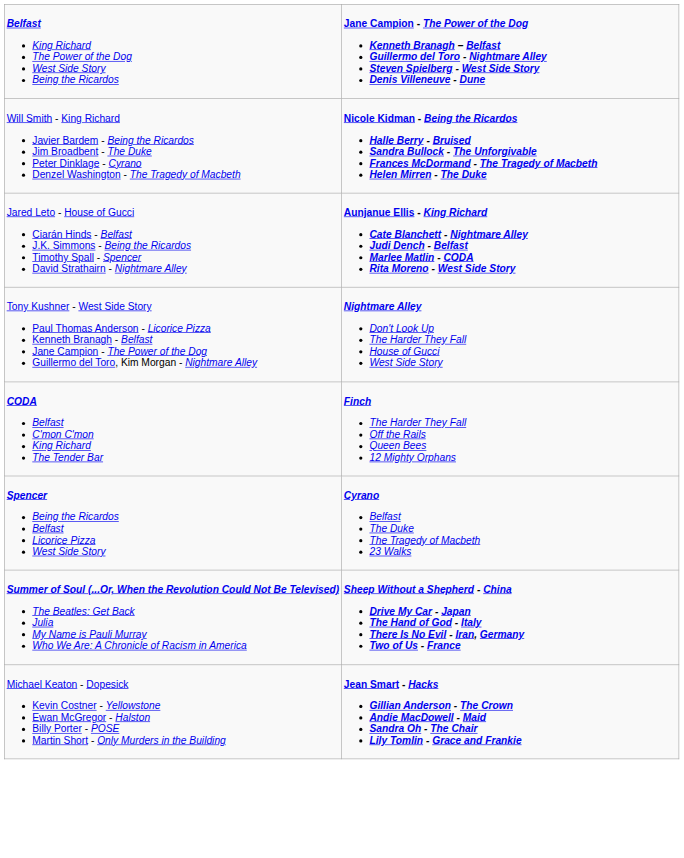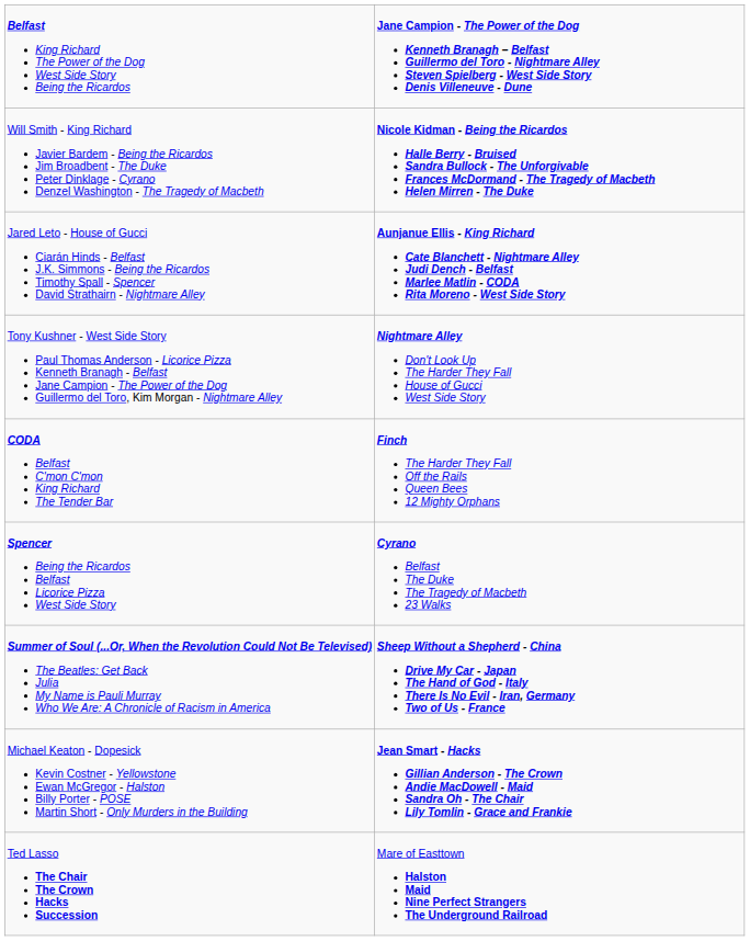 <table class=wikitable>
 <tr>
 <td style="vertical-align:top; width:50%;"><br> <strong><em><a href='#'>Belfast</a></em></strong><ul><li><em><a href='#'>King Richard</a></em></li><li><em><a href='#'>The Power of the Dog</a></em></li><li><em><a href='#'>West Side Story</a></em></li><li><em><a href='#'>Being the Ricardos</a></em></li></ul></td>
 <td style="vertical-align:top; width:50%;"><br> <strong><a href='#'>Jane Campion</a> - <em><a href='#'>The Power of the Dog</a><strong><em><ul><li><a href='#'>Kenneth Branagh</a> – </em><a href='#'>Belfast</a><em></li><li><a href='#'>Guillermo del Toro</a> - </em><a href='#'>Nightmare Alley</a><em></li><li><a href='#'>Steven Spielberg</a> - </em><a href='#'>West Side Story</a><em></li><li><a href='#'>Denis Villeneuve</a> - </em><a href='#'>Dune</a><em></li></ul></td>
 </tr>
 <tr>
 <td style="vertical-align:top; width:50%;"><br> </strong><a href='#'>Will Smith</a> - </em><a href='#'>King Richard</a></em></strong><ul><li><a href='#'>Javier Bardem</a> - <em><a href='#'>Being the Ricardos</a></em></li><li><a href='#'>Jim Broadbent</a> - <em><a href='#'>The Duke</a></em></li><li><a href='#'>Peter Dinklage</a> - <em><a href='#'>Cyrano</a></em></li><li><a href='#'>Denzel Washington</a> - <em><a href='#'>The Tragedy of Macbeth</a></em></li></ul></td>
 <td style="vertical-align:top; width:50%;"><br> <strong><a href='#'>Nicole Kidman</a> - <em><a href='#'>Being the Ricardos</a><strong><em><ul><li><a href='#'>Halle Berry</a> - </em><a href='#'>Bruised</a><em></li><li><a href='#'>Sandra Bullock</a> - </em><a href='#'>The Unforgivable</a><em></li><li><a href='#'>Frances McDormand</a> - </em><a href='#'>The Tragedy of Macbeth</a><em></li><li><a href='#'>Helen Mirren</a> - </em><a href='#'>The Duke</a><em></li></ul></td>
 </tr>
 <tr>
 <td style="vertical-align:top; width:50%;"><br> </strong><a href='#'>Jared Leto</a> - </em><a href='#'>House of Gucci</a></em></strong><ul><li><a href='#'>Ciarán Hinds</a> - <em><a href='#'>Belfast</a></em></li><li><a href='#'>J.K. Simmons</a> - <em><a href='#'>Being the Ricardos</a></em></li><li><a href='#'>Timothy Spall</a> - <em><a href='#'>Spencer</a></em></li><li><a href='#'>David Strathairn</a> - <em><a href='#'>Nightmare Alley</a></em></li></ul></td>
 <td style="vertical-align:top; width:50%;"><br> <strong><a href='#'>Aunjanue Ellis</a> - <em><a href='#'>King Richard</a><strong><em><ul><li><a href='#'>Cate Blanchett</a> - </em><a href='#'>Nightmare Alley</a><em></li><li><a href='#'>Judi Dench</a> - </em><a href='#'>Belfast</a><em></li><li><a href='#'>Marlee Matlin</a> - </em><a href='#'>CODA</a><em></li><li><a href='#'>Rita Moreno</a> - </em><a href='#'>West Side Story</a><em></li></ul></td>
 </tr>
 <tr>
 <td style="vertical-align:top; width:50%;"><br> </strong><a href='#'>Tony Kushner</a> - </em><a href='#'>West Side Story</a></em></strong><ul><li><a href='#'>Paul Thomas Anderson</a> - <em><a href='#'>Licorice Pizza</a></em></li><li><a href='#'>Kenneth Branagh</a> - <em><a href='#'>Belfast</a></em></li><li><a href='#'>Jane Campion</a> - <em><a href='#'>The Power of the Dog</a></em></li><li><a href='#'>Guillermo del Toro</a>, Kim Morgan - <em><a href='#'>Nightmare Alley</a></em></li></ul></td>
 <td style="vertical-align:top; width:50%;"><br> <strong><em><a href='#'>Nightmare Alley</a></em></strong><ul><li><em><a href='#'>Don't Look Up</a></em></li><li><em><a href='#'>The Harder They Fall</a></em></li><li><em><a href='#'>House of Gucci</a></em></li><li><em><a href='#'>West Side Story</a></em></li></ul></td>
 </tr>
 <tr>
 <td style="vertical-align:top; width:50%;"><br> <strong><em><a href='#'>CODA</a></em></strong><ul><li><em><a href='#'>Belfast</a></em></li><li><em><a href='#'>C'mon C'mon</a></em></li><li><em><a href='#'>King Richard</a></em></li><li><em><a href='#'>The Tender Bar</a></em></li></ul></td>
 <td style="vertical-align:top; width:50%;"><br> <strong><em><a href='#'>Finch</a></em></strong><ul><li><em><a href='#'>The Harder They Fall</a></em></li><li><em><a href='#'>Off the Rails</a></em></li><li><em><a href='#'>Queen Bees</a></em></li><li><em><a href='#'>12 Mighty Orphans</a></em></li></ul></td>
 </tr>
 <tr>
 <td style="vertical-align:top; width:50%;"><br> <strong><em><a href='#'>Spencer</a></em></strong><ul><li><em><a href='#'>Being the Ricardos</a></em></li><li><em><a href='#'>Belfast</a></em></li><li><em><a href='#'>Licorice Pizza</a></em></li><li><em><a href='#'>West Side Story</a></em></li></ul></td>
 <td style="vertical-align:top; width:50%;"><br> <strong><em><a href='#'>Cyrano</a></em></strong><ul><li><em><a href='#'>Belfast</a></em></li><li><em><a href='#'>The Duke</a></em></li><li><em><a href='#'>The Tragedy of Macbeth</a></em></li><li><em><a href='#'>23 Walks</a></em></li></ul></td>
 </tr>
 <tr>
 <td style="vertical-align:top; width:50%;"><br> <strong><em><a href='#'>Summer of Soul (...Or, When the Revolution Could Not Be Televised)</a></em></strong><ul><li><em><a href='#'>The Beatles: Get Back</a></em></li><li><em><a href='#'>Julia</a></em></li><li><em><a href='#'>My Name is Pauli Murray</a></em></li><li><em><a href='#'>Who We Are: A Chronicle of Racism in America</a></em></li></ul></td>
 <td style="vertical-align:top; width:50%;"><br> <strong><em><a href='#'>Sheep Without a Shepherd</a><em> - <a href='#'>China</a><strong><ul><li></em><a href='#'>Drive My Car</a><em> - <a href='#'>Japan</a></li><li></em><a href='#'>The Hand of God</a><em> - <a href='#'>Italy</a></li><li></em><a href='#'>There Is No Evil</a><em> - <a href='#'>Iran</a>, <a href='#'>Germany</a></li><li></em><a href='#'>Two of Us</a><em> - <a href='#'>France</a></li></ul></td>
 </tr>
 <tr>
 <td style="vertical-align:top; width:50%;"><br> </strong><a href='#'>Michael Keaton</a> - </em><a href='#'>Dopesick</a></em></strong><ul><li><a href='#'>Kevin Costner</a> - <em><a href='#'>Yellowstone</a></em></li><li><a href='#'>Ewan McGregor</a> - <em><a href='#'>Halston</a></em></li><li><a href='#'>Billy Porter</a> - <em><a href='#'>POSE</a></em></li><li><a href='#'>Martin Short</a> - <em><a href='#'>Only Murders in the Building</a></em></li></ul></td>
 <td style="vertical-align:top; width:50%;"><br> <strong><a href='#'>Jean Smart</a> - <em><a href='#'>Hacks</a><strong><em><ul><li><a href='#'>Gillian Anderson</a> - </em><a href='#'>The Crown</a><em></li><li><a href='#'>Andie MacDowell</a> - </em><a href='#'>Maid</a><em></li><li><a href='#'>Sandra Oh</a> - </em><a href='#'>The Chair</a><em></li><li><a href='#'>Lily Tomlin</a> - </em><a href='#'>Grace and Frankie</a><em></li></ul></td>
 </tr>
+<tr>
+<td style="vertical-align:top; width:50%;"><br> </em></strong><a href='#'>Ted Lasso</a><strong><em><ul><li></em><a href='#'>The Chair</a><em></li><li></em><a href='#'>The Crown</a><em></li><li></em><a href='#'>Hacks</a><em></li><li></em><a href='#'>Succession</a><em></li></ul></td>
+<td style="vertical-align:top; width:50%;"><br> </em></strong><a href='#'>Mare of Easttown</a><strong><em><ul><li></em><a href='#'>Halston</a><em></li><li></em><a href='#'>Maid</a><em></li><li></em><a href='#'>Nine Perfect Strangers</a><em></li><li></em><a href='#'>The Underground Railroad</a><em></li></ul></td>
+</tr>
 </table>
